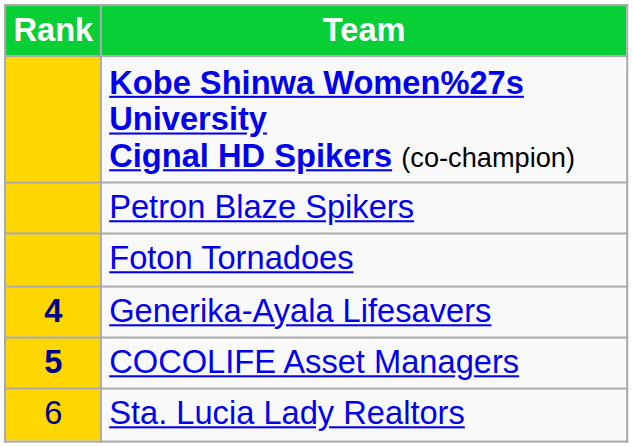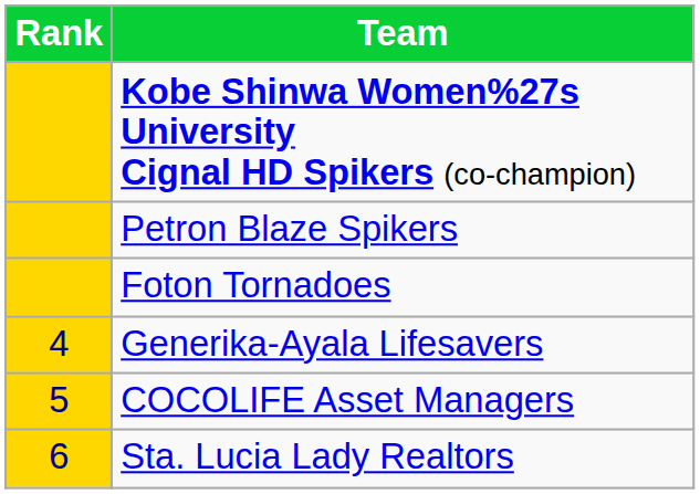 <table class="wikitable" style="text-align: center">
 <tr>
 <th width=40 style="background:#08CF35; color:#FFFFFF;">Rank</th>
 <th width=250 style="background:#08CF35; color:#FFFFFF;">Team</th>
 </tr>
 <tr bgcolor=>
 <td style="background:#FFD700; color:#00008B;"></td>
 <td style="text-align:left;"><strong><a href='#'>Kobe Shinwa Women%27s University</a></strong><br><strong><a href='#'>Cignal HD Spikers</a></strong> <small>(co-champion)</small></td>
 </tr>
 <tr>
 <td style="background:#FFD700; color:#00008B;"></td>
 <td style="text-align:left;"><a href='#'>Petron Blaze Spikers</a></td>
 </tr>
 <tr>
 <td style="background:#FFD700; color:#00008B;"></td>
 <td style="text-align:left;"><a href='#'>Foton Tornadoes</a></td>
 </tr>
 <tr>
-<td style="background:#FFD700; color:#00008B;"><strong>4</strong></td>
+<td style="background:#FFD700; color:#00008B;">4</td>
 <td style="text-align:left;"><a href='#'>Generika-Ayala Lifesavers</a></td>
 </tr>
 <tr>
-<td style="background:#FFD700; color:#00008B;"><strong>5</strong></td>
+<td style="background:#FFD700; color:#00008B;">5</td>
 <td style="text-align:left;"><a href='#'>COCOLIFE Asset Managers</a></td>
 </tr>
 <tr>
 <td style="background:#FFD700; color:#00008B;">6</td>
 <td style="text-align:left;"><a href='#'>Sta. Lucia Lady Realtors</a></td>
 </tr>
 </table>
